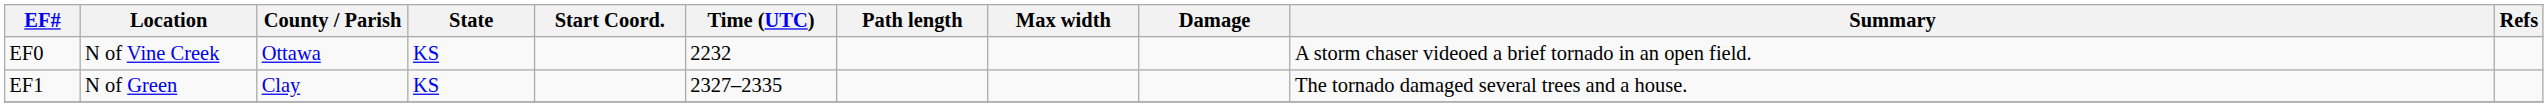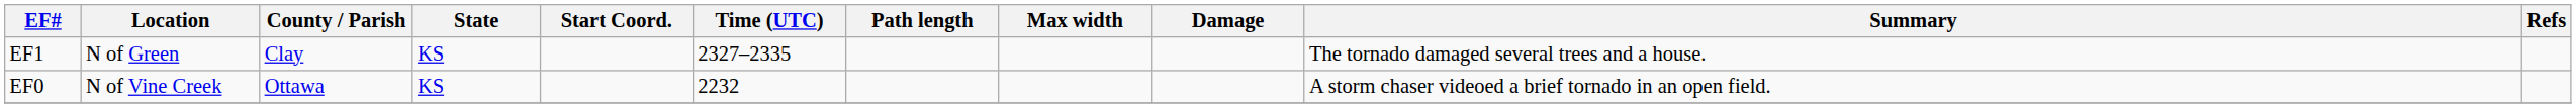 <table class="wikitable sortable" style="width:100%;">
 <tr>
 <th scope="col"  style="width:3%; text-align:center;"><a href='#'>EF#</a></th>
 <th scope="col"  style="width:7%; text-align:center;" class="unsortable">Location</th>
 <th scope="col"  style="width:6%; text-align:center;" class="unsortable">County / Parish</th>
 <th scope="col"  style="width:5%; text-align:center;">State</th>
 <th scope="col"  style="width:6%; text-align:center;">Start Coord.</th>
 <th scope="col"  style="width:6%; text-align:center;">Time (<a href='#'>UTC</a>)</th>
 <th scope="col"  style="width:6%; text-align:center;">Path length</th>
 <th scope="col"  style="width:6%; text-align:center;">Max width</th>
 <th scope="col"  style="width:6%; text-align:center;">Damage</th>
 <th scope="col" class="unsortable" style="width:48%; text-align:center;">Summary</th>
 <th scope="col" class="unsortable" style="width:48%; text-align:center;">Refs</th>
 </tr>
 <tr>
+<td>EF1</td>
+<td>N of <a href='#'>Green</a></td>
+<td><a href='#'>Clay</a></td>
+<td><a href='#'>KS</a></td>
+<td></td>
+<td>2327–2335</td>
+<td></td>
+<td></td>
+<td></td>
+<td>The tornado damaged several trees and a house.</td>
+<td></td>
+</tr>
+<tr>
 <td>EF0</td>
 <td>N of <a href='#'>Vine Creek</a></td>
 <td><a href='#'>Ottawa</a></td>
 <td><a href='#'>KS</a></td>
 <td></td>
 <td>2232</td>
 <td></td>
 <td></td>
 <td></td>
 <td>A storm chaser videoed a brief tornado in an open field.</td>
 <td></td>
 </tr>
 <tr>
-<td>EF1</td>
-<td>N of <a href='#'>Green</a></td>
-<td><a href='#'>Clay</a></td>
-<td><a href='#'>KS</a></td>
-<td></td>
-<td>2327–2335</td>
-<td></td>
-<td></td>
-<td></td>
-<td>The tornado damaged several trees and a house.</td>
-<td></td>
-</tr>
-<tr>
 </tr>
 </table>
